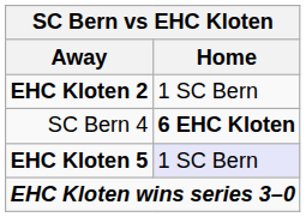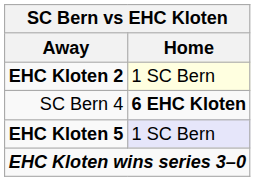 <table cellpadding="3" border="1"  class="wikitable">
 <tr>
 <th bgcolor="#DDDDDD" colspan="3">SC Bern vs EHC Kloten</th>
 </tr>
 <tr>
 <th>Away</th>
 <th>Home</th>
 </tr>
 <tr>
 <td align = "right"><strong>EHC Kloten 2</strong></td>
-<td>1 SC Bern</td>
+<td style="background: lightyellow;">1 SC Bern</td>
 </tr>
 <tr>
 <td align = "right">SC Bern 4</td>
 <td><strong>6 EHC Kloten</strong></td>
 </tr>
 <tr>
 <td align = "right"><strong>EHC Kloten 5</strong></td>
 <td style="background: lavender;">1 SC Bern</td>
 </tr>
 <tr align="center">
 <td colspan="3"><strong><em> EHC Kloten wins series 3–0</em></strong></td>
 </tr>
 </table>
